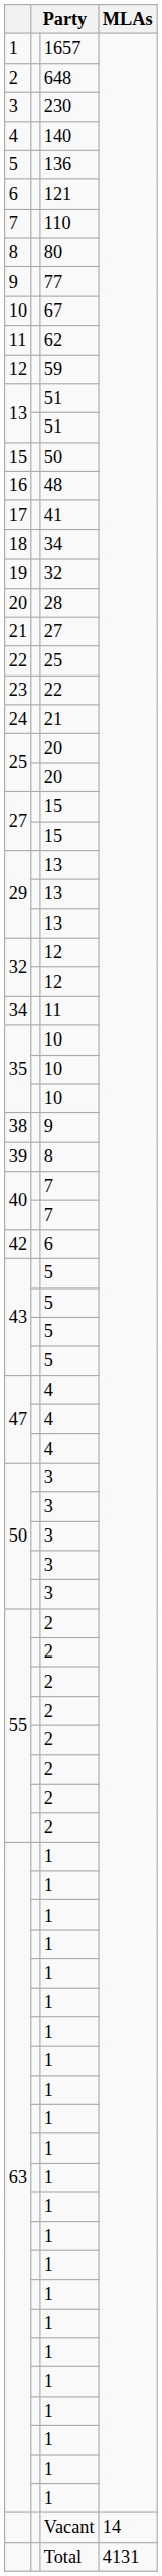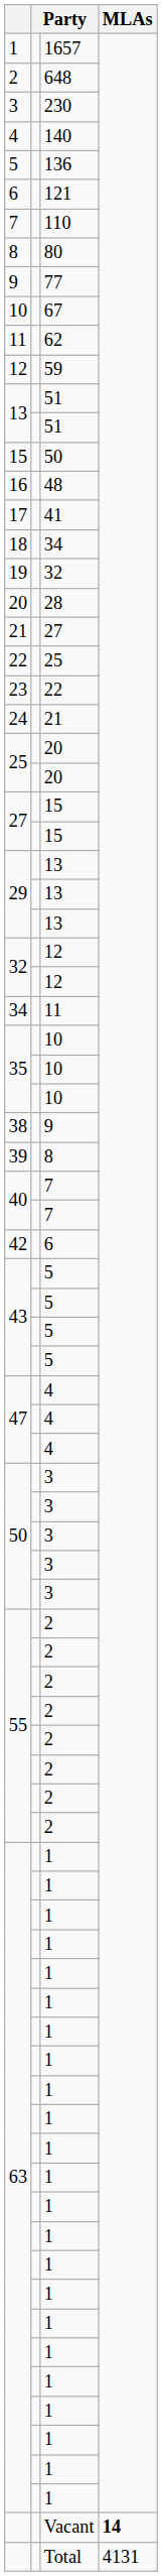 <table class="wikitable sortable">
 <tr>
 <th></th>
 <th colspan="2">Party</th>
 <th>MLAs</th>
 </tr>
 <tr>
 <td>1</td>
 <td></td>
 <td>1657</td>
 </tr>
 <tr>
 <td>2</td>
 <td></td>
 <td>648</td>
 </tr>
 <tr>
 <td>3</td>
 <td></td>
 <td>230</td>
 </tr>
 <tr>
 <td>4</td>
 <td></td>
 <td>140</td>
 </tr>
 <tr>
 <td>5</td>
 <td></td>
 <td>136</td>
 </tr>
 <tr>
 <td>6</td>
 <td></td>
 <td>121</td>
 </tr>
 <tr>
 <td>7</td>
 <td></td>
 <td>110</td>
 </tr>
 <tr>
 <td>8</td>
 <td></td>
 <td>80</td>
 </tr>
 <tr>
 <td>9</td>
 <td></td>
 <td>77</td>
 </tr>
 <tr>
 <td>10</td>
 <td></td>
 <td>67</td>
 </tr>
 <tr>
 <td>11</td>
 <td></td>
 <td>62</td>
 </tr>
 <tr>
 <td>12</td>
 <td></td>
 <td>59</td>
 </tr>
 <tr>
 <td rowspan="2">13</td>
 <td></td>
 <td>51</td>
 </tr>
 <tr>
 <td></td>
 <td>51</td>
 </tr>
 <tr>
 <td>15</td>
 <td></td>
 <td>50</td>
 </tr>
 <tr>
 <td>16</td>
 <td></td>
 <td>48</td>
 </tr>
 <tr>
 <td>17</td>
 <td></td>
 <td>41</td>
 </tr>
 <tr>
 <td>18</td>
 <td></td>
 <td>34</td>
 </tr>
 <tr>
 <td>19</td>
 <td></td>
 <td>32</td>
 </tr>
 <tr>
 <td>20</td>
 <td></td>
 <td>28</td>
 </tr>
 <tr>
 <td>21</td>
 <td></td>
 <td>27</td>
 </tr>
 <tr>
 <td>22</td>
 <td></td>
 <td>25</td>
 </tr>
 <tr>
 <td>23</td>
 <td></td>
 <td>22</td>
 </tr>
 <tr>
 <td>24</td>
 <td></td>
 <td>21</td>
 </tr>
 <tr>
 <td rowspan="2">25</td>
 <td></td>
 <td>20</td>
 </tr>
 <tr>
 <td></td>
 <td>20</td>
 </tr>
 <tr>
 <td rowspan="2">27</td>
 <td></td>
 <td>15</td>
 </tr>
 <tr>
 <td></td>
 <td>15</td>
 </tr>
 <tr>
 <td rowspan="3">29</td>
 <td></td>
 <td>13</td>
 </tr>
 <tr>
 <td></td>
 <td>13</td>
 </tr>
 <tr>
 <td></td>
 <td>13</td>
 </tr>
 <tr>
 <td rowspan="2">32</td>
 <td></td>
 <td>12</td>
 </tr>
 <tr>
 <td></td>
 <td>12</td>
 </tr>
 <tr>
 <td>34</td>
 <td></td>
 <td>11</td>
 </tr>
 <tr>
 <td rowspan="3">35</td>
 <td></td>
 <td>10</td>
 </tr>
 <tr>
 <td></td>
 <td>10</td>
 </tr>
 <tr>
 <td></td>
 <td>10</td>
 </tr>
 <tr>
 <td>38</td>
 <td></td>
 <td>9</td>
 </tr>
 <tr>
 <td>39</td>
 <td></td>
 <td>8</td>
 </tr>
 <tr>
 <td rowspan="2">40</td>
 <td></td>
 <td>7</td>
 </tr>
 <tr>
 <td></td>
 <td>7</td>
 </tr>
 <tr>
 <td>42</td>
 <td></td>
 <td>6</td>
 </tr>
 <tr>
 <td rowspan="4">43</td>
 <td></td>
 <td>5</td>
 </tr>
 <tr>
 <td></td>
 <td>5</td>
 </tr>
 <tr>
 <td></td>
 <td>5</td>
 </tr>
 <tr>
 <td></td>
 <td>5</td>
 </tr>
 <tr>
 <td rowspan="3">47</td>
 <td></td>
 <td>4</td>
 </tr>
 <tr>
 <td></td>
 <td>4</td>
 </tr>
 <tr>
 <td></td>
 <td>4</td>
 </tr>
 <tr>
 <td rowspan="5">50</td>
 <td></td>
 <td>3</td>
 </tr>
 <tr>
 <td></td>
 <td>3</td>
 </tr>
 <tr>
 <td></td>
 <td>3</td>
 </tr>
 <tr>
 <td></td>
 <td>3</td>
 </tr>
 <tr>
 <td></td>
 <td>3</td>
 </tr>
 <tr>
 <td rowspan="8">55</td>
 <td></td>
 <td>2</td>
 </tr>
 <tr>
 <td></td>
 <td>2</td>
 </tr>
 <tr>
 <td></td>
 <td>2</td>
 </tr>
 <tr>
 <td></td>
 <td>2</td>
 </tr>
 <tr>
 <td></td>
 <td>2</td>
 </tr>
 <tr>
 <td></td>
 <td>2</td>
 </tr>
 <tr>
 <td></td>
 <td>2</td>
 </tr>
 <tr>
 <td></td>
 <td>2</td>
 </tr>
 <tr>
 <td rowspan="23">63</td>
 <td></td>
 <td>1</td>
 </tr>
 <tr>
 <td></td>
 <td>1</td>
 </tr>
 <tr>
 <td></td>
 <td>1</td>
 </tr>
 <tr>
 <td></td>
 <td>1</td>
 </tr>
 <tr>
 <td></td>
 <td>1</td>
 </tr>
 <tr>
 <td></td>
 <td>1</td>
 </tr>
 <tr>
 <td></td>
 <td>1</td>
 </tr>
 <tr>
 <td></td>
 <td>1</td>
 </tr>
 <tr>
 <td></td>
 <td>1</td>
 </tr>
 <tr>
 <td></td>
 <td>1</td>
 </tr>
 <tr>
 <td></td>
 <td>1</td>
 </tr>
 <tr>
 <td></td>
 <td>1</td>
 </tr>
 <tr>
 <td></td>
 <td>1</td>
 </tr>
 <tr>
 <td></td>
 <td>1</td>
 </tr>
 <tr>
 <td></td>
 <td>1</td>
 </tr>
 <tr>
 <td></td>
 <td>1</td>
 </tr>
 <tr>
 <td></td>
 <td>1</td>
 </tr>
 <tr>
 <td></td>
 <td>1</td>
 </tr>
 <tr>
 <td></td>
 <td>1</td>
 </tr>
 <tr>
 <td></td>
 <td>1</td>
 </tr>
 <tr>
 <td></td>
 <td>1</td>
 </tr>
 <tr>
 <td></td>
 <td>1</td>
 </tr>
 <tr>
 <td></td>
 <td>1</td>
 </tr>
 <tr>
 <td></td>
 <td></td>
 <td>Vacant</td>
-<td>14</td>
+<td><strong>14</strong></td>
 </tr>
 <tr class="sortbottom">
 <td></td>
 <td></td>
 <td>Total</td>
 <td>4131</td>
 </tr>
 </table>
